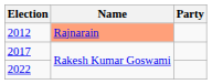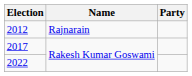 <table class="wikitable sortable">
 <tr>
 <th>Election</th>
 <th>Name</th>
 <th colspan=2>Party</th>
 </tr>
 <tr>
 <td><a href='#'>2012</a></td>
-<td style="background: lightsalmon;"><a href='#'>Rajnarain</a></td>
+<td><a href='#'>Rajnarain</a></td>
 <td></td>
 </tr>
 <tr>
 <td><a href='#'>2017</a></td>
 <td rowspan=2><a href='#'>Rakesh Kumar Goswami</a></td>
 <td></td>
 </tr>
 <tr>
 <td><a href='#'>2022</a></td>
 </tr>
 </table>
